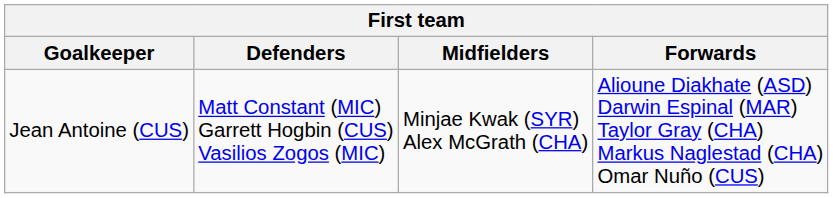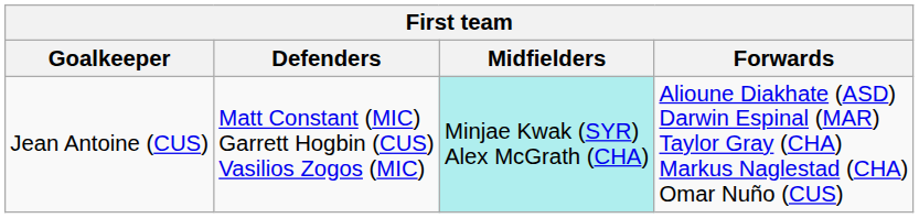 <table class="wikitable">
 <tr>
 <th colspan="4">First team</th>
 </tr>
 <tr>
 <th>Goalkeeper</th>
 <th>Defenders</th>
 <th>Midfielders</th>
 <th>Forwards</th>
 </tr>
 <tr>
 <td> Jean Antoine (<a href='#'>CUS</a>)</td>
 <td> <a href='#'>Matt Constant</a> (<a href='#'>MIC</a>)<br> Garrett Hogbin (<a href='#'>CUS</a>)<br> <a href='#'>Vasilios Zogos</a> (<a href='#'>MIC</a>)</td>
-<td> Minjae Kwak (<a href='#'>SYR</a>)<br> Alex McGrath (<a href='#'>CHA</a>)</td>
+<td style="background: paleturquoise;"> Minjae Kwak (<a href='#'>SYR</a>)<br> Alex McGrath (<a href='#'>CHA</a>)</td>
 <td> <a href='#'>Alioune Diakhate</a> (<a href='#'>ASD</a>)<br> <a href='#'>Darwin Espinal</a> (<a href='#'>MAR</a>)<br> <a href='#'>Taylor Gray</a> (<a href='#'>CHA</a>)<br> <a href='#'>Markus Naglestad</a> (<a href='#'>CHA</a>)<br> Omar Nuño (<a href='#'>CUS</a>)</td>
 </tr>
 </table>
